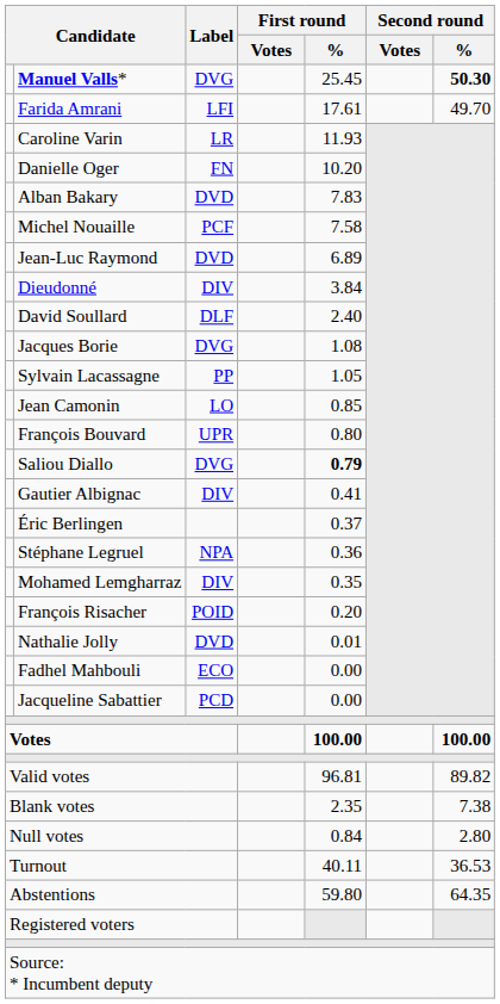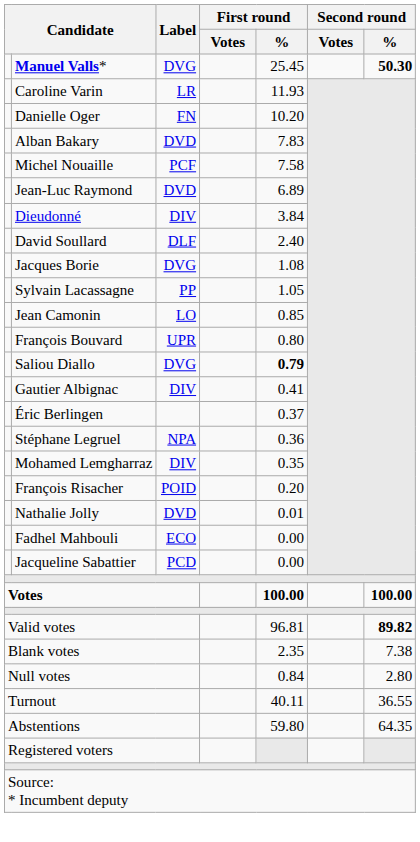 <table class="wikitable" style="text-align:right;font-size:95%;">
 <tr>
 <th rowspan="2" colspan="2">Candidate</th>
 <th rowspan="2">Label</th>
 <th colspan="2">First round</th>
 <th colspan="2">Second round</th>
 </tr>
 <tr>
 <th style="width:50px;">Votes</th>
 <th style="width:45px;">%</th>
 <th style="width:50px;">Votes</th>
 <th style="width:45px;">%</th>
 </tr>
 <tr>
 <td style="background:"></td>
 <td style="text-align:left;"><strong><a href='#'>Manuel Valls</a></strong>*</td>
 <td><a href='#'>DVG</a></td>
 <td></td>
 <td>25.45</td>
 <td><strong></strong></td>
 <td><strong>50.30</strong></td>
-</tr>
-<tr>
-<td style="background:"></td>
-<td style="text-align:left;"><a href='#'>Farida Amrani</a></td>
-<td><a href='#'>LFI</a></td>
-<td></td>
-<td>17.61</td>
-<td></td>
-<td>49.70</td>
 </tr>
 <tr>
 <td style="background:"></td>
 <td style="text-align:left;">Caroline Varin</td>
 <td><a href='#'>LR</a></td>
 <td></td>
 <td>11.93</td>
 <td colspan="2" rowspan="20" style="background:#E9E9E9;"></td>
 </tr>
 <tr>
 <td style="background:"></td>
 <td style="text-align:left;">Danielle Oger</td>
 <td><a href='#'>FN</a></td>
 <td></td>
 <td>10.20</td>
 </tr>
 <tr>
 <td style="background:"></td>
 <td style="text-align:left;">Alban Bakary</td>
 <td><a href='#'>DVD</a></td>
 <td></td>
 <td>7.83</td>
 </tr>
 <tr>
 <td style="background:"></td>
 <td style="text-align:left;">Michel Nouaille</td>
 <td><a href='#'>PCF</a></td>
 <td></td>
 <td>7.58</td>
 </tr>
 <tr>
 <td style="background:"></td>
 <td style="text-align:left;">Jean-Luc Raymond</td>
 <td><a href='#'>DVD</a></td>
 <td></td>
 <td>6.89</td>
 </tr>
 <tr>
 <td style="background:"></td>
 <td style="text-align:left;"><a href='#'>Dieudonné</a></td>
 <td><a href='#'>DIV</a></td>
 <td></td>
 <td>3.84</td>
 </tr>
 <tr>
 <td style="background:"></td>
 <td style="text-align:left;">David Soullard</td>
 <td><a href='#'>DLF</a></td>
 <td></td>
 <td>2.40</td>
 </tr>
 <tr>
 <td style="background:"></td>
 <td style="text-align:left;">Jacques Borie</td>
 <td><a href='#'>DVG</a></td>
 <td></td>
 <td>1.08</td>
 </tr>
 <tr>
 <td style="background:"></td>
 <td style="text-align:left;">Sylvain Lacassagne</td>
 <td><a href='#'>PP</a></td>
 <td></td>
 <td>1.05</td>
 </tr>
 <tr>
 <td style="background:"></td>
 <td style="text-align:left;">Jean Camonin</td>
 <td><a href='#'>LO</a></td>
 <td></td>
 <td>0.85</td>
 </tr>
 <tr>
 <td style="background:"></td>
 <td style="text-align:left;">François Bouvard</td>
 <td><a href='#'>UPR</a></td>
 <td></td>
 <td>0.80</td>
 </tr>
 <tr>
 <td style="background:"></td>
 <td style="text-align:left;">Saliou Diallo</td>
 <td><a href='#'>DVG</a></td>
 <td></td>
 <td><strong>0.79</strong></td>
 </tr>
 <tr>
 <td style="background:"></td>
 <td style="text-align:left;">Gautier Albignac</td>
 <td><a href='#'>DIV</a></td>
 <td></td>
 <td>0.41</td>
 </tr>
 <tr>
 <td style="background:"></td>
 <td style="text-align:left;">Éric Berlingen</td>
 <td></td>
 <td></td>
 <td>0.37</td>
 </tr>
 <tr>
 <td style="background:"></td>
 <td style="text-align:left;">Stéphane Legruel</td>
 <td><a href='#'>NPA</a></td>
 <td></td>
 <td>0.36</td>
 </tr>
 <tr>
 <td style="background:"></td>
 <td style="text-align:left;">Mohamed Lemgharraz</td>
 <td><a href='#'>DIV</a></td>
 <td></td>
 <td>0.35</td>
 </tr>
 <tr>
 <td style="background:"></td>
 <td style="text-align:left;">François Risacher</td>
 <td><a href='#'>POID</a></td>
 <td></td>
 <td>0.20</td>
 </tr>
 <tr>
 <td style="background:"></td>
 <td style="text-align:left;">Nathalie Jolly</td>
 <td><a href='#'>DVD</a></td>
 <td></td>
 <td>0.01</td>
 </tr>
 <tr>
 <td style="background:"></td>
 <td style="text-align:left;">Fadhel Mahbouli</td>
 <td><a href='#'>ECO</a></td>
 <td></td>
 <td>0.00</td>
 </tr>
 <tr>
 <td style="background:"></td>
 <td style="text-align:left;">Jacqueline Sabattier</td>
 <td><a href='#'>PCD</a></td>
 <td></td>
 <td>0.00</td>
 </tr>
 <tr>
 <td colspan="7" style="background:#E9E9E9;"></td>
 </tr>
 <tr style="font-weight:bold;">
 <td colspan="3" style="text-align:left;">Votes</td>
 <td></td>
 <td>100.00</td>
 <td></td>
 <td>100.00</td>
 </tr>
 <tr>
 <td colspan="7" style="background:#E9E9E9;"></td>
 </tr>
 <tr>
 <td colspan="3" style="text-align:left;">Valid votes</td>
 <td></td>
 <td>96.81</td>
 <td></td>
-<td>89.82</td>
+<td><strong>89.82</strong></td>
 </tr>
 <tr>
 <td colspan="3" style="text-align:left;">Blank votes</td>
 <td></td>
 <td>2.35</td>
 <td></td>
 <td>7.38</td>
 </tr>
 <tr>
 <td colspan="3" style="text-align:left;">Null votes</td>
 <td></td>
 <td>0.84</td>
 <td></td>
 <td>2.80</td>
 </tr>
 <tr>
 <td colspan="3" style="text-align:left;">Turnout</td>
 <td></td>
 <td>40.11</td>
 <td></td>
-<td>36.53</td>
+<td>36.55</td>
 </tr>
 <tr>
 <td colspan="3" style="text-align:left;">Abstentions</td>
 <td></td>
 <td>59.80</td>
 <td></td>
 <td>64.35</td>
 </tr>
 <tr>
 <td colspan="3" style="text-align:left;">Registered voters</td>
 <td></td>
 <td style="background:#E9E9E9;"></td>
 <td></td>
 <td style="background:#E9E9E9;"></td>
 </tr>
 <tr>
 <td colspan="7" style="background:#E9E9E9;"></td>
 </tr>
 <tr>
 <td colspan="7" style="text-align:left;">Source: <br>* Incumbent deputy</td>
 </tr>
 </table>
